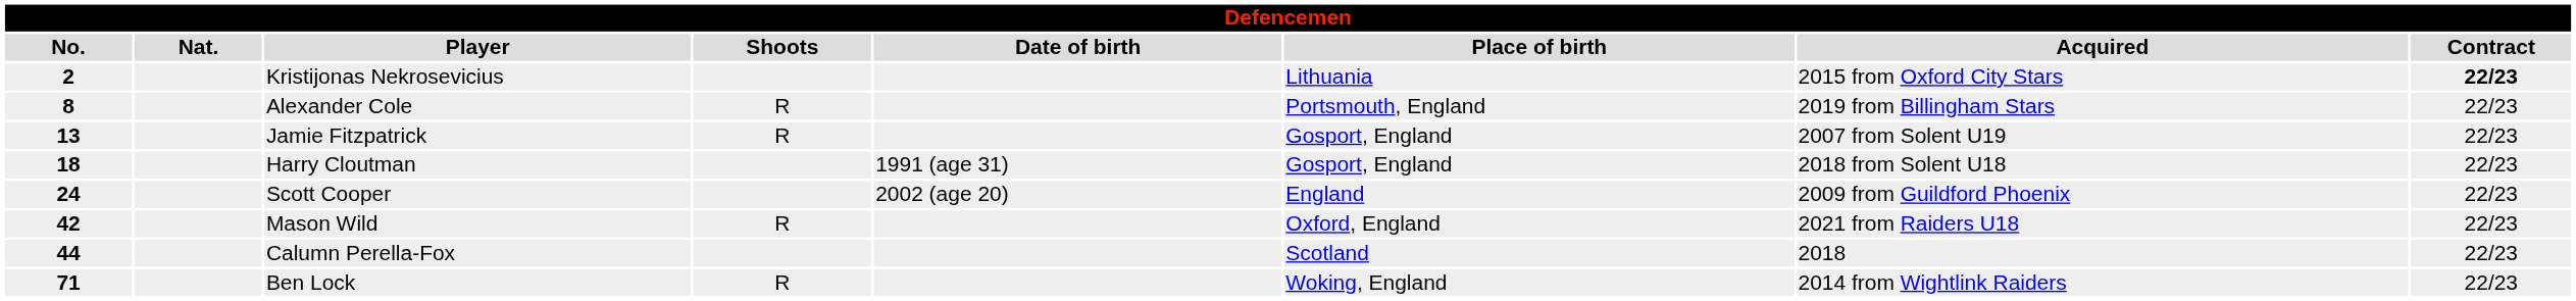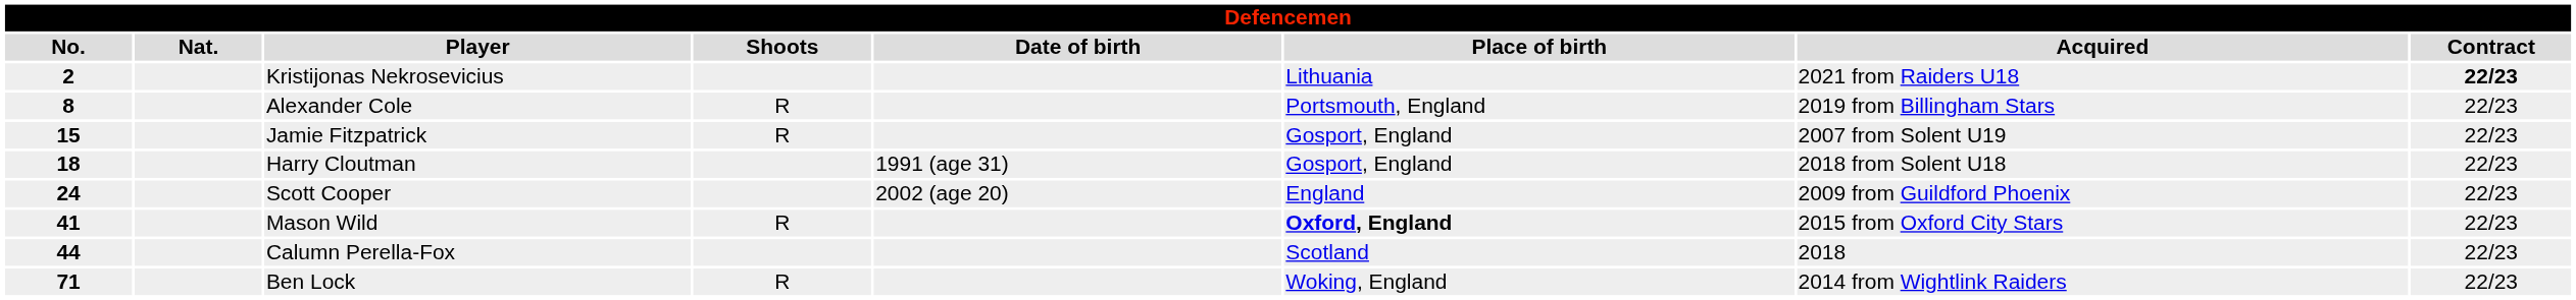 <table class="toccolours"  style="width:97%; clear:both; margin:1.5em auto; text-align:center;">
 <tr style="background:#ddd;">
 <th colspan="11" style="background:black; color:#f42300;”">Defencemen</th>
 </tr>
 <tr style="background:#ddd;">
 <th width=5%>No.</th>
 <th width=5%>Nat.</th>
 <th !width=22%>Player</th>
 <th width=7%>Shoots</th>
 <th width=16%>Date of birth</th>
 <th width=20%>Place of birth</th>
 <th width=24%>Acquired</th>
 <td><strong>Contract</strong></td>
 </tr>
 <tr style="background:#eee;">
 <td><strong>2</strong></td>
 <td></td>
 <td align=left>Kristijonas Nekrosevicius</td>
 <td></td>
 <td align=left></td>
 <td align=left><a href='#'>Lithuania</a></td>
-<td align=left>2015 from <a href='#'>Oxford City Stars</a></td>
+<td align=left>2021 from <a href='#'>Raiders U18</a></td>
 <td><strong>22/23</strong></td>
 </tr>
 <tr style="background:#eee;">
 <td><strong>8</strong></td>
 <td></td>
 <td align=left>Alexander Cole</td>
 <td>R</td>
 <td align=left></td>
 <td align=left><a href='#'>Portsmouth</a>, England</td>
 <td align=left>2019 from <a href='#'>Billingham Stars</a></td>
 <td>22/23</td>
 </tr>
 <tr style="background:#eee;">
-<td><strong>13</strong></td>
+<td><strong>15</strong></td>
 <td></td>
 <td align=left>Jamie Fitzpatrick</td>
 <td>R</td>
 <td align=left></td>
 <td align=left><a href='#'>Gosport</a>, England</td>
 <td align=left>2007 from Solent U19</td>
 <td>22/23</td>
 </tr>
 <tr style="background:#eee;">
 <td><strong>18</strong></td>
 <td></td>
 <td align=left>Harry Cloutman</td>
 <td></td>
 <td align=left>1991 (age 31)</td>
 <td align=left><a href='#'>Gosport</a>, England</td>
 <td align=left>2018 from Solent U18</td>
 <td>22/23</td>
 </tr>
 <tr style="background:#eee;">
 <td><strong>24</strong></td>
 <td></td>
 <td align=left>Scott Cooper</td>
 <td></td>
 <td align=left>2002 (age 20)</td>
 <td align=left><a href='#'>England</a></td>
 <td align=left>2009 from <a href='#'>Guildford Phoenix</a></td>
 <td>22/23</td>
 </tr>
 <tr style="background:#eee;">
-<td><strong>42</strong></td>
+<td><strong>41</strong></td>
 <td></td>
 <td align=left>Mason Wild</td>
 <td>R</td>
 <td align=left></td>
-<td align=left><a href='#'>Oxford</a>, England</td>
-<td align=left>2021 from <a href='#'>Raiders U18</a></td>
+<td align=left><strong><a href='#'>Oxford</a>, England</strong></td>
+<td align=left>2015 from <a href='#'>Oxford City Stars</a></td>
 <td>22/23</td>
 </tr>
 <tr style="background:#eee;">
 <td><strong>44</strong></td>
 <td></td>
 <td align=left>Calumn Perella-Fox</td>
 <td></td>
 <td align=left></td>
 <td align=left><a href='#'>Scotland</a></td>
 <td align=left>2018</td>
 <td>22/23</td>
 </tr>
 <tr style="background:#eee;">
 <td><strong>71</strong></td>
 <td></td>
 <td align=left>Ben Lock</td>
 <td>R</td>
 <td align=left></td>
 <td align=left><a href='#'>Woking</a>, England</td>
 <td align=left>2014 from <a href='#'>Wightlink Raiders</a></td>
 <td>22/23</td>
 </tr>
 </table>
